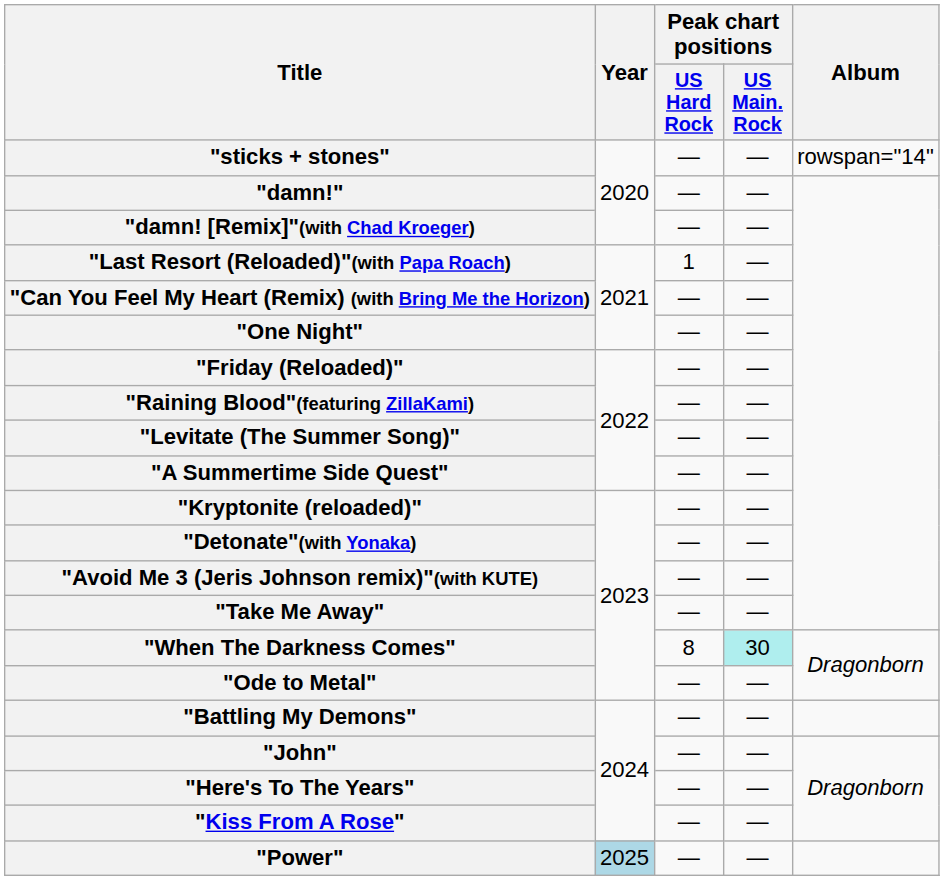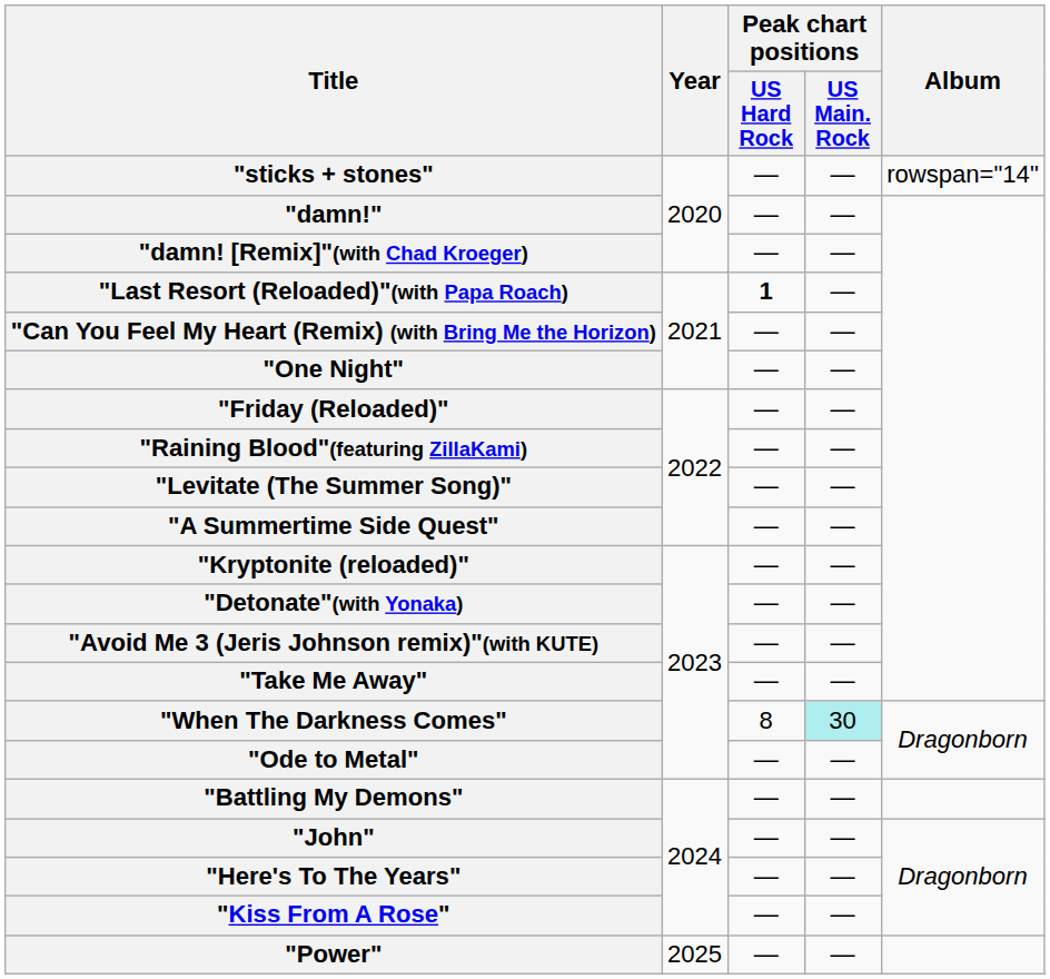 <table class="wikitable plainrowheaders" style="text-align:center">
 <tr>
 <th scope="col" rowspan="2">Title</th>
 <th scope="col" rowspan="2">Year</th>
 <th scope="col" colspan="2">Peak chart positions</th>
 <th scope="col" rowspan="2">Album</th>
 </tr>
 <tr>
 <th scope="col" style="width:3em;font-size:90%;"><a href='#'>US Hard Rock</a></th>
 <th scope="col" style="width:3em;font-size:90%;"><a href='#'>US<br>Main.<br>Rock</a></th>
 </tr>
 <tr>
 <th scope="row">"sticks + stones"</th>
 <td rowspan="3">2020</td>
 <td>—</td>
 <td>—</td>
 <td>rowspan="14" </td>
 </tr>
 <tr>
 <th scope="row">"damn!"</th>
 <td>—</td>
 <td>—</td>
 </tr>
 <tr>
 <th scope="row">"damn! [Remix]"<small>(with <a href='#'>Chad Kroeger</a>)</small></th>
 <td>—</td>
 <td>—</td>
 </tr>
 <tr>
 <th scope="row">"Last Resort (Reloaded)"<small>(with <a href='#'>Papa Roach</a>)</small></th>
 <td rowspan="3">2021</td>
-<td>1</td>
+<td><strong>1</strong></td>
 <td>—</td>
 </tr>
 <tr>
 <th scope="row">"Can You Feel My Heart (Remix) <small>(with <a href='#'>Bring Me the Horizon</a>)</small></th>
 <td>—</td>
 <td>—</td>
 </tr>
 <tr>
 <th scope="row">"One Night"</th>
 <td>—</td>
 <td>—</td>
 </tr>
 <tr>
 <th scope="row">"Friday (Reloaded)"</th>
 <td rowspan="4">2022</td>
 <td>—</td>
 <td>—</td>
 </tr>
 <tr>
 <th scope="row">"Raining Blood"<small>(featuring <a href='#'>ZillaKami</a>)</small></th>
 <td>—</td>
 <td>—</td>
 </tr>
 <tr>
 <th scope="row">"Levitate (The Summer Song)"</th>
 <td>—</td>
 <td>—</td>
 </tr>
 <tr>
 <th scope="row">"A Summertime Side Quest"</th>
 <td>—</td>
 <td>—</td>
 </tr>
 <tr>
 <th scope="row">"Kryptonite (reloaded)"</th>
 <td rowspan="6">2023</td>
 <td>—</td>
 <td>—</td>
 </tr>
 <tr>
 <th scope="row">"Detonate"<small>(with <a href='#'>Yonaka</a>)</small></th>
 <td>—</td>
 <td>—</td>
 </tr>
 <tr>
 <th scope="row">"Avoid Me 3 (Jeris Johnson remix)"<small>(with KUTE)</small></th>
 <td>—</td>
 <td>—</td>
 </tr>
 <tr>
 <th scope="row">"Take Me Away"</th>
 <td>—</td>
 <td>—</td>
 </tr>
 <tr>
 <th scope="row">"When The Darkness Comes"</th>
 <td>8</td>
 <td style="background: paleturquoise;">30</td>
 <td rowspan="2"><em>Dragonborn</em></td>
 </tr>
 <tr>
 <th scope="row">"Ode to Metal"</th>
 <td>—</td>
 <td>—</td>
 </tr>
 <tr>
 <th scope="row">"Battling My Demons"</th>
 <td rowspan="4">2024</td>
 <td>—</td>
 <td>—</td>
 <td></td>
 </tr>
 <tr>
 <th scope="row">"John"</th>
 <td>—</td>
 <td>—</td>
 <td rowspan="3"><em>Dragonborn</em></td>
 </tr>
 <tr>
 <th scope="row">"Here's To The Years"</th>
 <td>—</td>
 <td>—</td>
 </tr>
 <tr>
 <th scope="row">"<a href='#'>Kiss From A Rose</a>" </th>
 <td>—</td>
 <td>—</td>
 </tr>
 <tr>
 <th scope="row">"Power"</th>
-<td style="background: lightblue;">2025</td>
+<td>2025</td>
 <td>—</td>
 <td>—</td>
 <td></td>
 </tr>
 <tr>
 </tr>
 </table>
